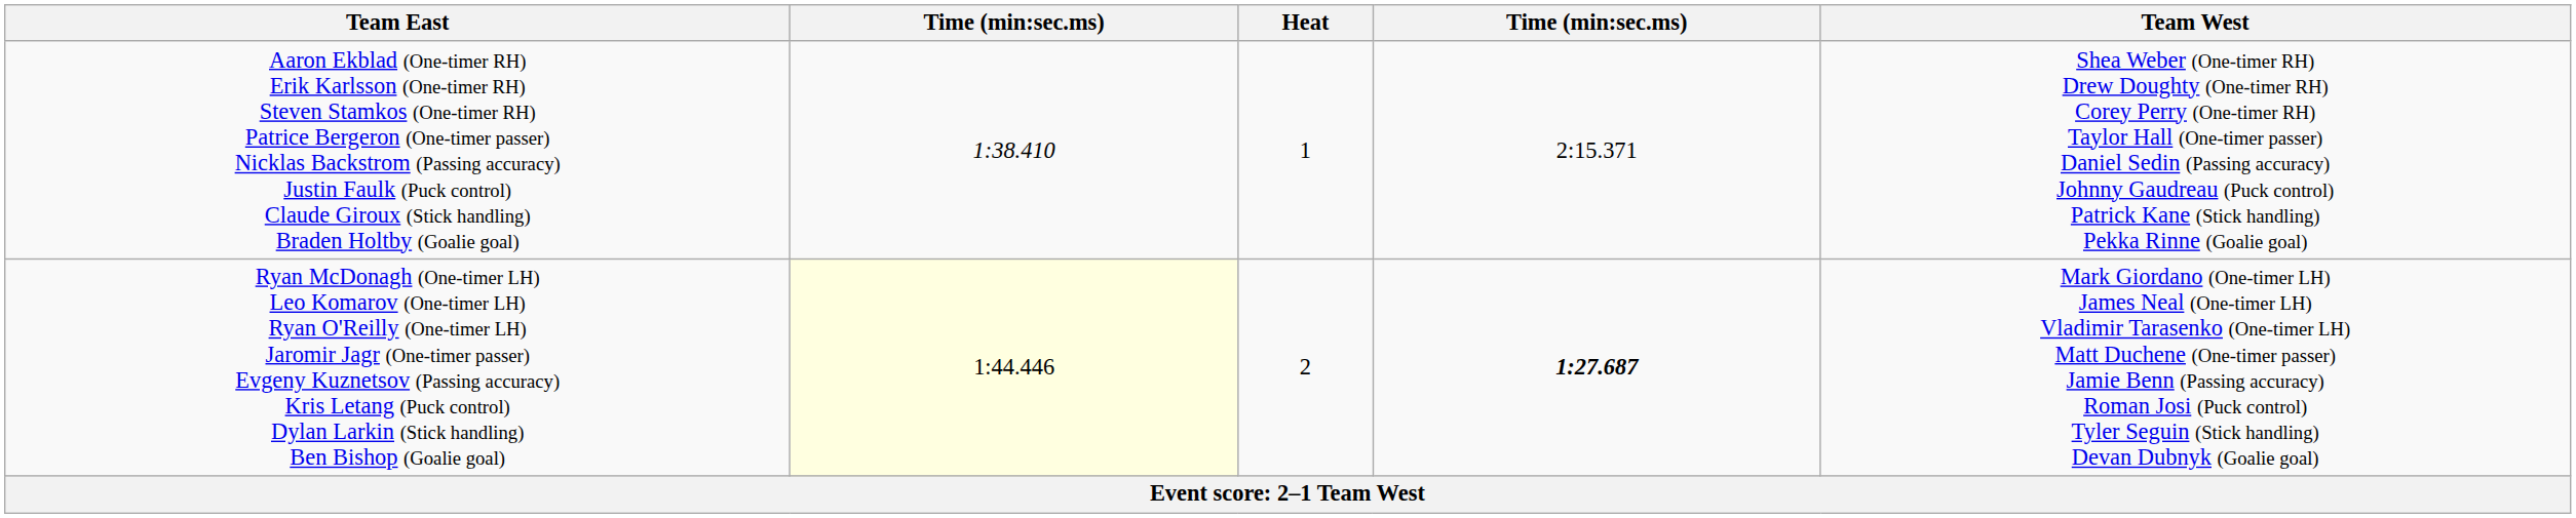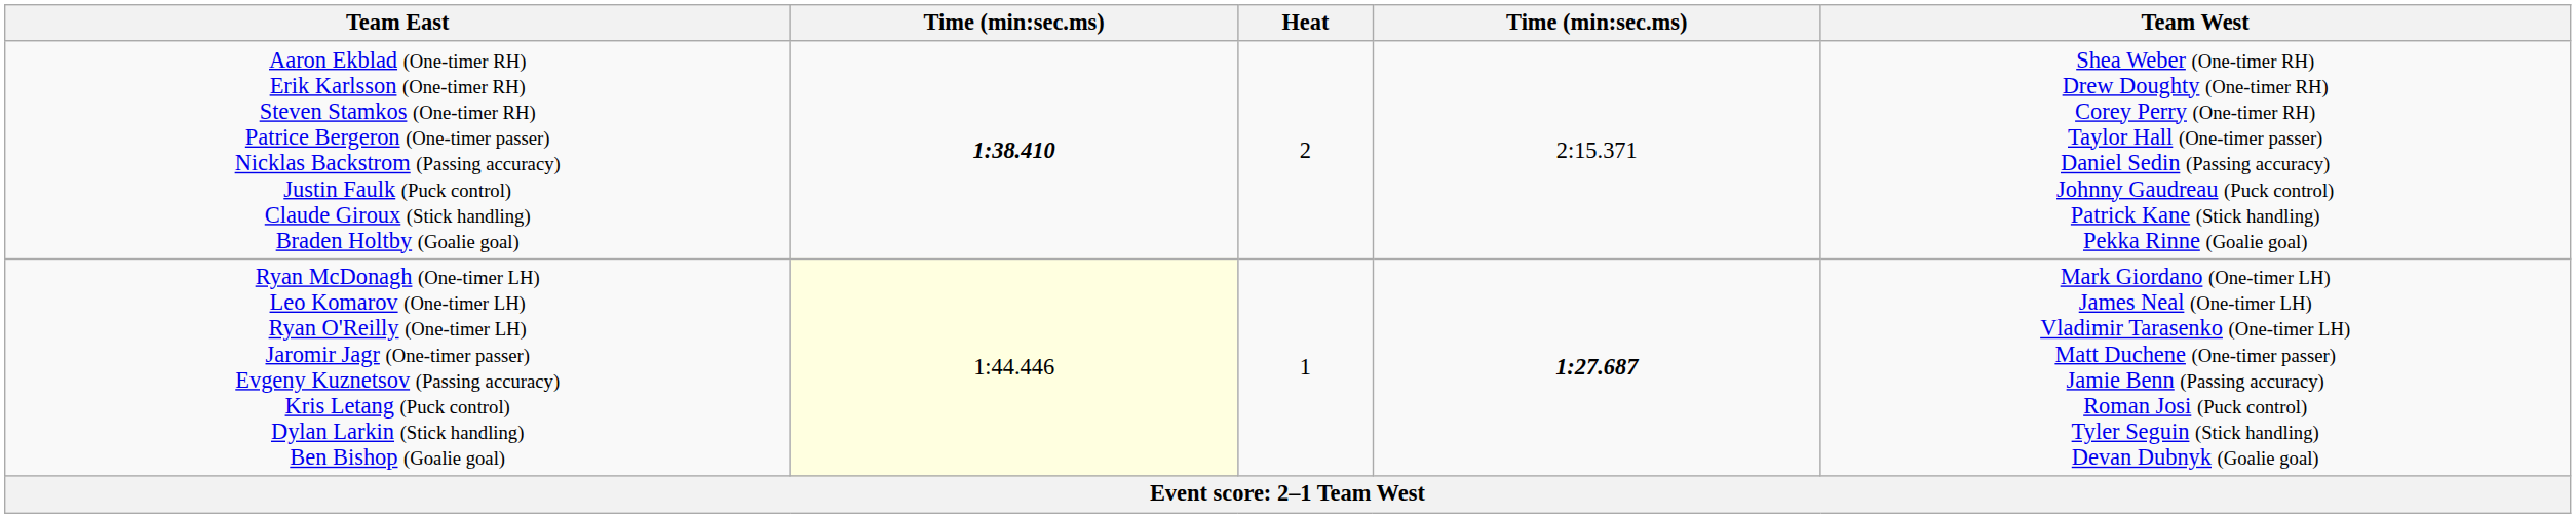 <table width="90%" class="wikitable">
 <tr align="center">
 <th>Team East</th>
 <th>Time (min:sec.ms)</th>
 <th>Heat</th>
 <th>Time (min:sec.ms)</th>
 <th>Team West</th>
 </tr>
 <tr align="center">
 <td><a href='#'>Aaron Ekblad</a> <small>(One-timer RH)</small><br><a href='#'>Erik Karlsson</a> <small>(One-timer RH)</small><br><a href='#'>Steven Stamkos</a> <small>(One-timer RH)</small><br><a href='#'>Patrice Bergeron</a> <small>(One-timer passer)</small><br><a href='#'>Nicklas Backstrom</a> <small>(Passing accuracy)</small><br><a href='#'>Justin Faulk</a> <small>(Puck control)</small><br><a href='#'>Claude Giroux</a> <small>(Stick handling)</small><br><a href='#'>Braden Holtby</a> <small>(Goalie goal)</small></td>
-<td><em>1:38.410</em></td>
-<td>1</td>
+<td><strong><em>1:38.410</em></strong></td>
+<td>2</td>
 <td>2:15.371</td>
 <td><a href='#'>Shea Weber</a> <small>(One-timer RH)</small><br><a href='#'>Drew Doughty</a> <small>(One-timer RH)</small><br><a href='#'>Corey Perry</a> <small>(One-timer RH)</small><br><a href='#'>Taylor Hall</a> <small>(One-timer passer)</small><br><a href='#'>Daniel Sedin</a> <small>(Passing accuracy)</small><br><a href='#'>Johnny Gaudreau</a> <small>(Puck control)</small><br><a href='#'>Patrick Kane</a> <small>(Stick handling)</small><br><a href='#'>Pekka Rinne</a> <small>(Goalie goal)</small></td>
 </tr>
 <tr align="center">
 <td><a href='#'>Ryan McDonagh</a> <small>(One-timer LH)</small><br><a href='#'>Leo Komarov</a> <small>(One-timer LH)</small><br><a href='#'>Ryan O'Reilly</a> <small>(One-timer LH)</small><br><a href='#'>Jaromir Jagr</a> <small>(One-timer passer)</small><br><a href='#'>Evgeny Kuznetsov</a> <small>(Passing accuracy)</small><br><a href='#'>Kris Letang</a> <small>(Puck control)</small><br><a href='#'>Dylan Larkin</a> <small>(Stick handling)</small><br><a href='#'>Ben Bishop</a> <small>(Goalie goal)</small></td>
 <td style="background: lightyellow;">1:44.446</td>
-<td>2</td>
+<td>1</td>
 <td><strong><em>1:27.687</em></strong></td>
 <td><a href='#'>Mark Giordano</a> <small>(One-timer LH)</small><br><a href='#'>James Neal</a> <small>(One-timer LH)</small><br><a href='#'>Vladimir Tarasenko</a> <small>(One-timer LH)</small><br><a href='#'>Matt Duchene</a> <small>(One-timer passer)</small><br><a href='#'>Jamie Benn</a> <small>(Passing accuracy)</small><br><a href='#'>Roman Josi</a> <small>(Puck control)</small><br><a href='#'>Tyler Seguin</a> <small>(Stick handling)</small><br><a href='#'>Devan Dubnyk</a> <small>(Goalie goal)</small></td>
 </tr>
 <tr align="center">
 <th colspan="5">Event score: 2–1 Team West</th>
 </tr>
 </table>
